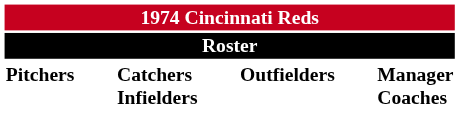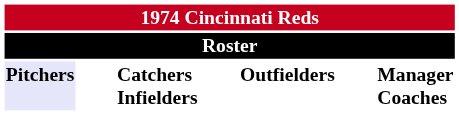 <table class="toccolours" style="font-size: 95%;">
 <tr>
 <th colspan="10" style="background-color: #c6011f; color: white; text-align: center;">1974 Cincinnati Reds</th>
 </tr>
 <tr>
 <td colspan="10" style="background-color: black; color: white; text-align: center;"><strong>Roster</strong></td>
 </tr>
 <tr>
-<td valign="top"><strong>Pitchers</strong><br>              </td>
+<td valign="top" style="background: lavender;"><strong>Pitchers</strong><br>              </td>
 <td width="25px"></td>
 <td valign="top"><strong>Catchers</strong><br>   <strong>Infielders</strong>          </td>
 <td width="25px"></td>
 <td valign="top"><strong>Outfielders</strong><br>      </td>
 <td width="25px"></td>
 <td valign="top"><strong>Manager</strong><br> <strong>Coaches</strong>    </td>
 </tr>
 </table>
